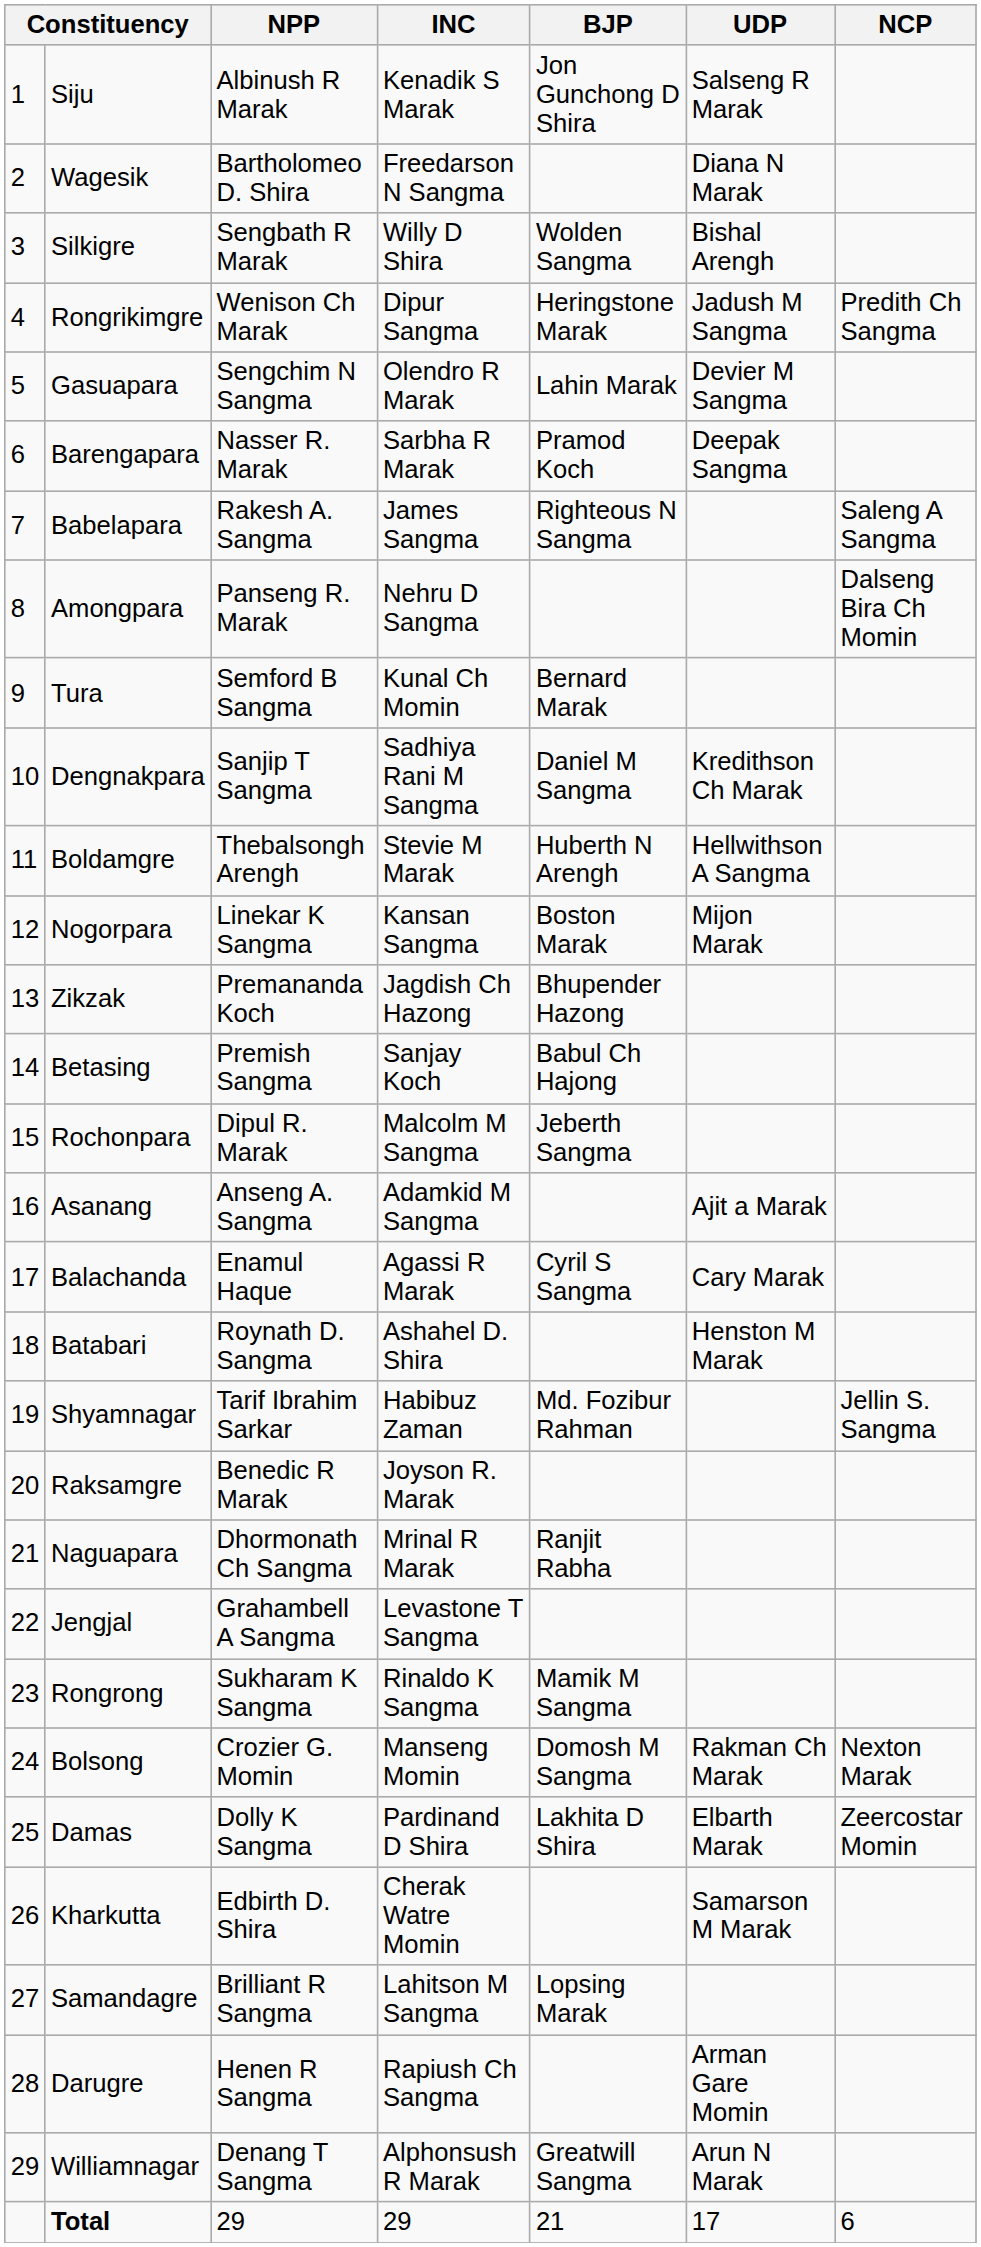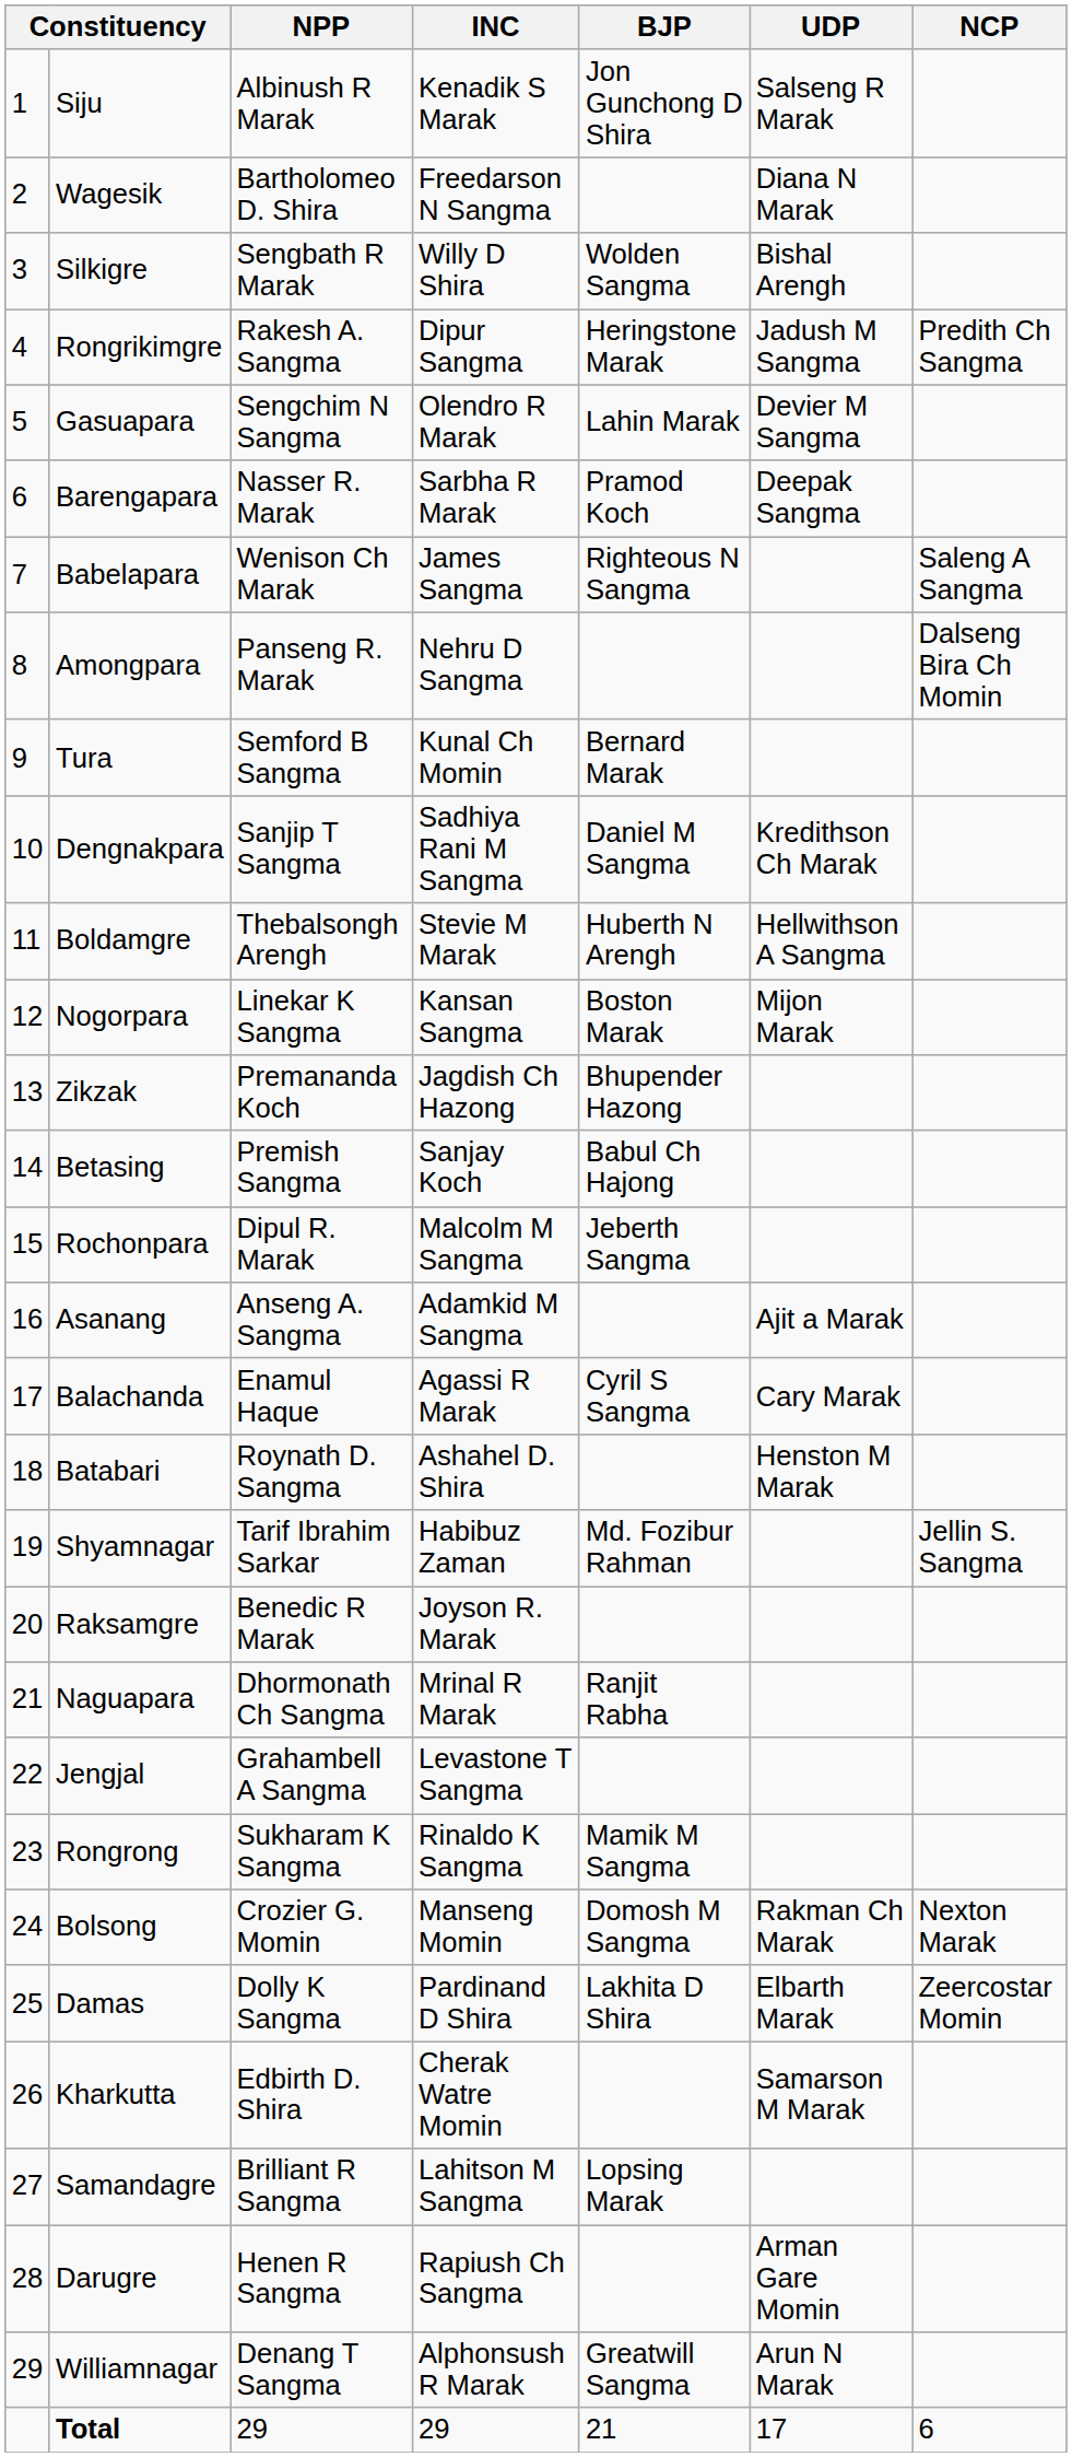 <table class="wikitable">
 <tr>
 <th colspan="2">Constituency</th>
 <th colspan="1" style="background-color:">NPP</th>
 <th colspan="1" style="background-color:">INC</th>
 <th colspan="1" style="background-color:">BJP</th>
 <th colspan="1" style="background-color:">UDP</th>
 <th colspan="1" style="background-color:">NCP</th>
 </tr>
 <tr>
 <td>1</td>
 <td>Siju</td>
 <td>Albinush R Marak</td>
 <td>Kenadik S Marak</td>
 <td>Jon Gunchong D Shira</td>
 <td>Salseng R Marak</td>
 <td></td>
 </tr>
 <tr>
 <td>2</td>
 <td>Wagesik</td>
 <td>Bartholomeo D. Shira</td>
 <td>Freedarson N Sangma</td>
 <td></td>
 <td>Diana N Marak</td>
 <td></td>
 </tr>
 <tr>
 <td>3</td>
 <td>Silkigre</td>
 <td>Sengbath R Marak</td>
 <td>Willy D Shira</td>
 <td>Wolden Sangma</td>
 <td>Bishal Arengh</td>
 <td></td>
 </tr>
 <tr>
 <td>4</td>
 <td>Rongrikimgre</td>
-<td>Wenison Ch Marak</td>
+<td>Rakesh A. Sangma</td>
 <td>Dipur Sangma</td>
 <td>Heringstone Marak</td>
 <td>Jadush M Sangma</td>
 <td>Predith Ch Sangma</td>
 </tr>
 <tr>
 <td>5</td>
 <td>Gasuapara</td>
 <td>Sengchim N Sangma</td>
 <td>Olendro R Marak</td>
 <td>Lahin Marak</td>
 <td>Devier M Sangma</td>
 <td></td>
 </tr>
 <tr>
 <td>6</td>
 <td>Barengapara</td>
 <td>Nasser R. Marak</td>
 <td>Sarbha R Marak</td>
 <td>Pramod Koch</td>
 <td>Deepak Sangma</td>
 <td></td>
 </tr>
 <tr>
 <td>7</td>
 <td>Babelapara</td>
-<td>Rakesh A. Sangma</td>
+<td>Wenison Ch Marak</td>
 <td>James Sangma</td>
 <td>Righteous N Sangma</td>
 <td></td>
 <td>Saleng A Sangma</td>
 </tr>
 <tr>
 <td>8</td>
 <td>Amongpara</td>
 <td>Panseng R. Marak</td>
 <td>Nehru D Sangma</td>
 <td></td>
 <td></td>
 <td>Dalseng Bira Ch Momin</td>
 </tr>
 <tr>
 <td>9</td>
 <td>Tura</td>
 <td>Semford B Sangma</td>
 <td>Kunal Ch Momin</td>
 <td>Bernard Marak</td>
 <td></td>
 <td></td>
 </tr>
 <tr>
 <td>10</td>
 <td>Dengnakpara</td>
 <td>Sanjip T Sangma</td>
 <td>Sadhiya Rani M Sangma</td>
 <td>Daniel M Sangma</td>
 <td>Kredithson Ch Marak</td>
 <td></td>
 </tr>
 <tr>
 <td>11</td>
 <td>Boldamgre</td>
 <td>Thebalsongh Arengh</td>
 <td>Stevie M Marak</td>
 <td>Huberth N Arengh</td>
 <td>Hellwithson A Sangma</td>
 <td></td>
 </tr>
 <tr>
 <td>12</td>
 <td>Nogorpara</td>
 <td>Linekar K Sangma</td>
 <td>Kansan Sangma</td>
 <td>Boston Marak</td>
 <td>Mijon Marak</td>
 <td></td>
 </tr>
 <tr>
 <td>13</td>
 <td>Zikzak</td>
 <td>Premananda Koch</td>
 <td>Jagdish Ch Hazong</td>
 <td>Bhupender Hazong</td>
 <td></td>
 <td></td>
 </tr>
 <tr>
 <td>14</td>
 <td>Betasing</td>
 <td>Premish Sangma</td>
 <td>Sanjay Koch</td>
 <td>Babul Ch Hajong</td>
 <td></td>
 <td></td>
 </tr>
 <tr>
 <td>15</td>
 <td>Rochonpara</td>
 <td>Dipul R. Marak</td>
 <td>Malcolm M Sangma</td>
 <td>Jeberth Sangma</td>
 <td></td>
 <td></td>
 </tr>
 <tr>
 <td>16</td>
 <td>Asanang</td>
 <td>Anseng A. Sangma</td>
 <td>Adamkid M Sangma</td>
 <td></td>
 <td>Ajit a Marak</td>
 <td></td>
 </tr>
 <tr>
 <td>17</td>
 <td>Balachanda</td>
 <td>Enamul Haque</td>
 <td>Agassi R Marak</td>
 <td>Cyril S Sangma</td>
 <td>Cary Marak</td>
 <td></td>
 </tr>
 <tr>
 <td>18</td>
 <td>Batabari</td>
 <td>Roynath D. Sangma</td>
 <td>Ashahel D. Shira</td>
 <td></td>
 <td>Henston M Marak</td>
 <td></td>
 </tr>
 <tr>
 <td>19</td>
 <td>Shyamnagar</td>
 <td>Tarif Ibrahim Sarkar</td>
 <td>Habibuz Zaman</td>
 <td>Md. Fozibur Rahman</td>
 <td></td>
 <td>Jellin S. Sangma</td>
 </tr>
 <tr>
 <td>20</td>
 <td>Raksamgre</td>
 <td>Benedic R Marak</td>
 <td>Joyson R. Marak</td>
 <td></td>
 <td></td>
 <td></td>
 </tr>
 <tr>
 <td>21</td>
 <td>Naguapara</td>
 <td>Dhormonath Ch Sangma</td>
 <td>Mrinal R Marak</td>
 <td>Ranjit Rabha</td>
 <td></td>
 <td></td>
 </tr>
 <tr>
 <td>22</td>
 <td>Jengjal</td>
 <td>Grahambell A Sangma</td>
 <td>Levastone T Sangma</td>
 <td></td>
 <td></td>
 <td></td>
 </tr>
 <tr>
 <td>23</td>
 <td>Rongrong</td>
 <td>Sukharam K Sangma</td>
 <td>Rinaldo K Sangma</td>
 <td>Mamik M Sangma</td>
 <td></td>
 <td></td>
 </tr>
 <tr>
 <td>24</td>
 <td>Bolsong</td>
 <td>Crozier G. Momin</td>
 <td>Manseng Momin</td>
 <td>Domosh M Sangma</td>
 <td>Rakman Ch Marak</td>
 <td>Nexton Marak</td>
 </tr>
 <tr>
 <td>25</td>
 <td>Damas</td>
 <td>Dolly K Sangma</td>
 <td>Pardinand D Shira</td>
 <td>Lakhita D Shira</td>
 <td>Elbarth Marak</td>
 <td>Zeercostar Momin</td>
 </tr>
 <tr>
 <td>26</td>
 <td>Kharkutta</td>
 <td>Edbirth D. Shira</td>
 <td>Cherak Watre Momin</td>
 <td></td>
 <td>Samarson M Marak</td>
 <td></td>
 </tr>
 <tr>
 <td>27</td>
 <td>Samandagre</td>
 <td>Brilliant R Sangma</td>
 <td>Lahitson M Sangma</td>
 <td>Lopsing Marak</td>
 <td></td>
 <td></td>
 </tr>
 <tr>
 <td>28</td>
 <td>Darugre</td>
 <td>Henen R Sangma</td>
 <td>Rapiush Ch Sangma</td>
 <td></td>
 <td>Arman Gare Momin</td>
 <td></td>
 </tr>
 <tr>
 <td>29</td>
 <td>Williamnagar</td>
 <td>Denang T Sangma</td>
 <td>Alphonsush R Marak</td>
 <td>Greatwill Sangma</td>
 <td>Arun N Marak</td>
 <td></td>
 </tr>
 <tr>
 <td></td>
 <td><strong>Total</strong></td>
 <td>29</td>
 <td>29</td>
 <td>21</td>
 <td>17</td>
 <td>6</td>
 </tr>
 <tr>
 </tr>
 </table>
